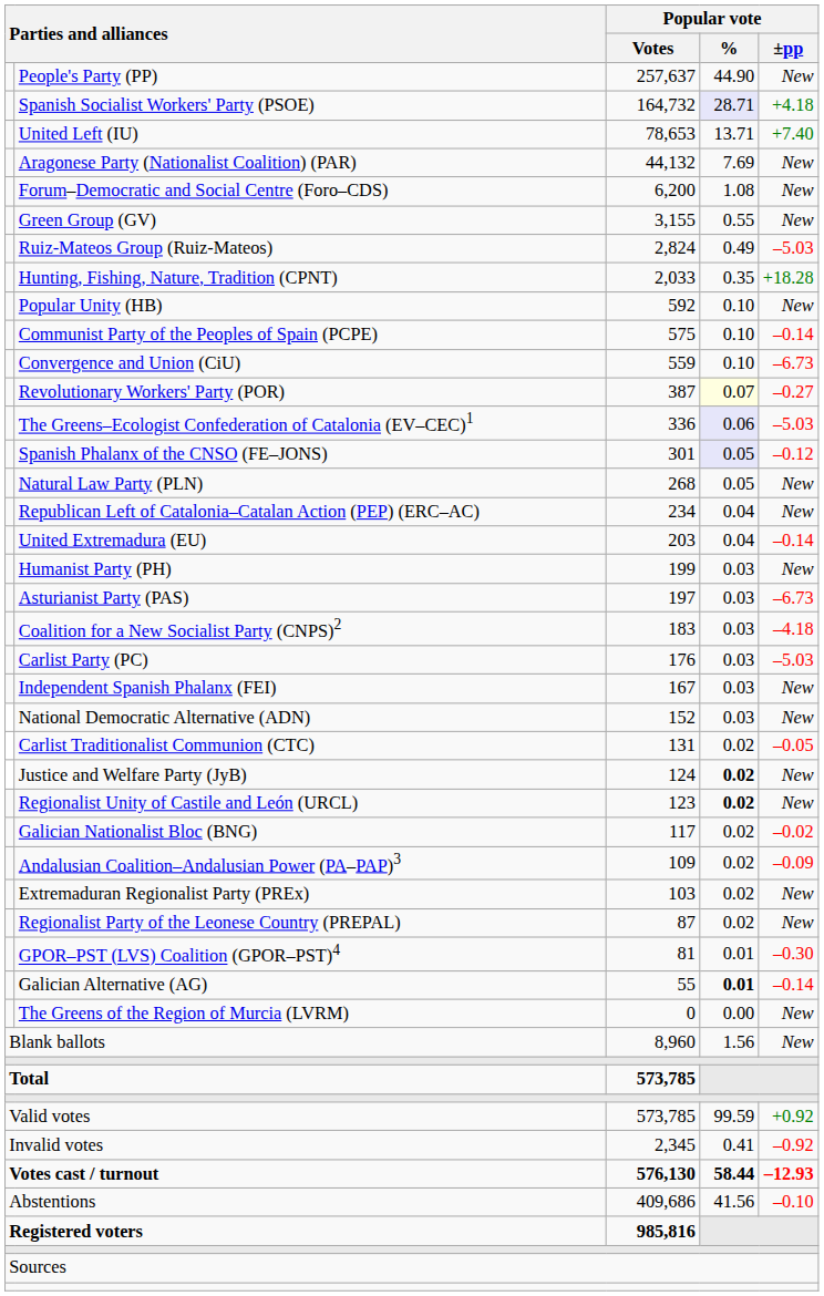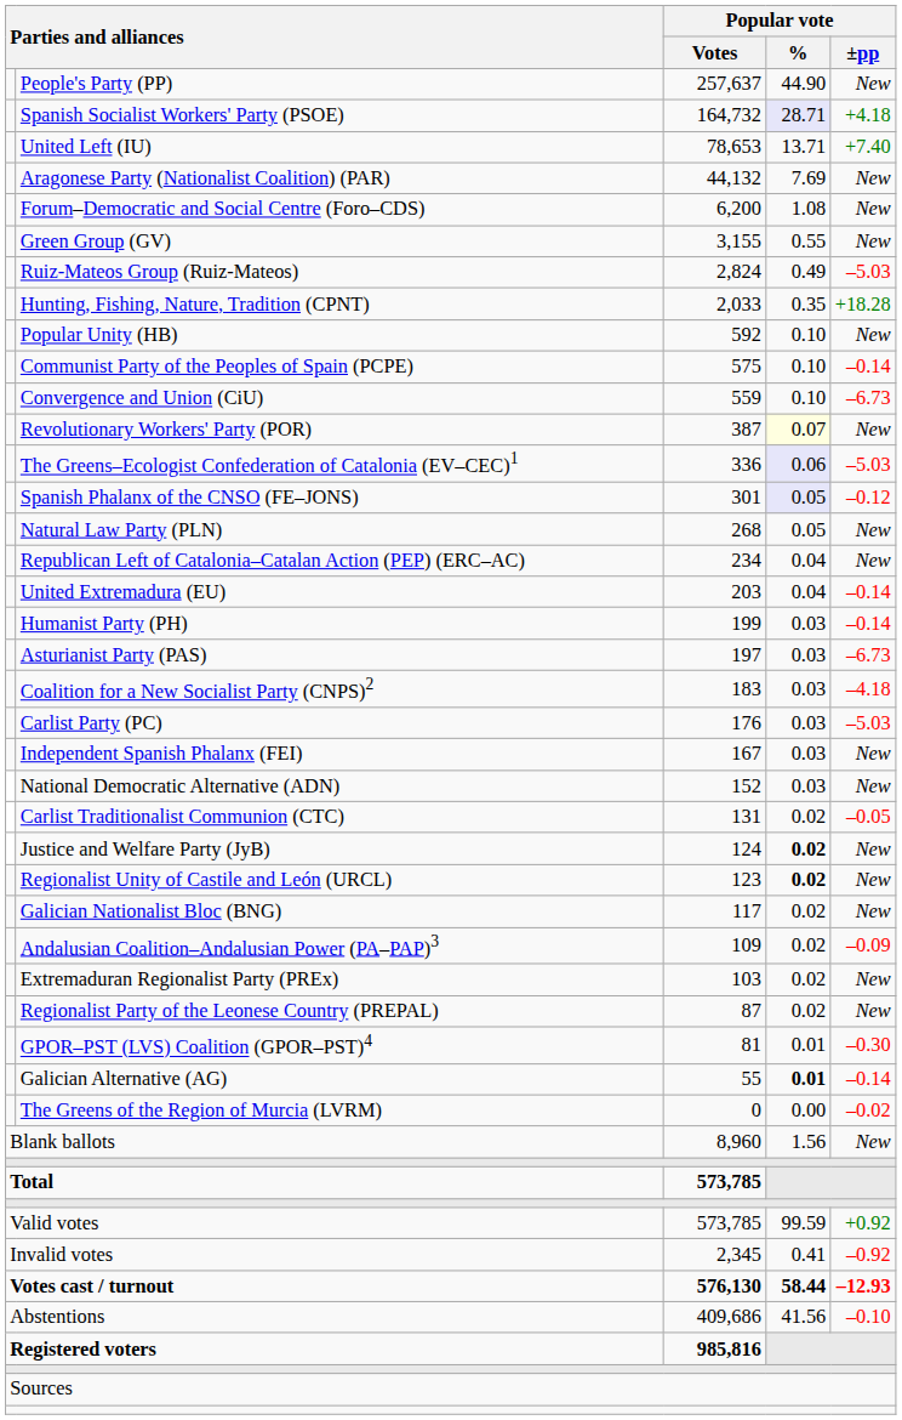 <table class="wikitable" style="text-align:right">
 <tr>
 <th style="text-align:left;" rowspan="2" colspan="2" width="525">Parties and alliances</th>
 <th colspan="3">Popular vote</th>
 </tr>
 <tr>
 <th width="75">Votes</th>
 <th width="45">%</th>
 <th width="45">±<a href='#'>pp</a></th>
 </tr>
 <tr>
 <td width="1" style="color:inherit;background:"></td>
 <td align="left"><a href='#'>People's Party</a> (PP)</td>
 <td>257,637</td>
 <td>44.90</td>
 <td><em>New</em></td>
 </tr>
 <tr>
 <td style="color:inherit;background:"></td>
 <td align="left"><a href='#'>Spanish Socialist Workers' Party</a> (PSOE)</td>
 <td>164,732</td>
 <td style="background: lavender;">28.71</td>
 <td style="color:green;">+4.18</td>
 </tr>
 <tr>
 <td style="color:inherit;background:"></td>
 <td align="left"><a href='#'>United Left</a> (IU)</td>
 <td>78,653</td>
 <td>13.71</td>
 <td style="color:green;">+7.40</td>
 </tr>
 <tr>
 <td style="color:inherit;background:"></td>
 <td align="left"><a href='#'>Aragonese Party</a> (<a href='#'>Nationalist Coalition</a>) (PAR)</td>
 <td>44,132</td>
 <td>7.69</td>
 <td><em>New</em></td>
 </tr>
 <tr>
 <td style="color:inherit;background:"></td>
 <td align="left"><a href='#'>Forum</a>–<a href='#'>Democratic and Social Centre</a> (Foro–CDS)</td>
 <td>6,200</td>
 <td>1.08</td>
 <td><em>New</em></td>
 </tr>
 <tr>
 <td style="color:inherit;background:"></td>
 <td align="left"><a href='#'>Green Group</a> (GV)</td>
 <td>3,155</td>
 <td>0.55</td>
 <td><em>New</em></td>
 </tr>
 <tr>
 <td style="color:inherit;background:"></td>
 <td align="left"><a href='#'>Ruiz-Mateos Group</a> (Ruiz-Mateos)</td>
 <td>2,824</td>
 <td>0.49</td>
 <td style="color:red;">–5.03</td>
 </tr>
 <tr>
 <td style="color:inherit;background:"></td>
 <td align="left"><a href='#'>Hunting, Fishing, Nature, Tradition</a> (CPNT)</td>
 <td>2,033</td>
 <td>0.35</td>
 <td style="color:green;">+18.28</td>
 </tr>
 <tr>
 <td style="color:inherit;background:"></td>
 <td align="left"><a href='#'>Popular Unity</a> (HB)</td>
 <td>592</td>
 <td>0.10</td>
 <td><em>New</em></td>
 </tr>
 <tr>
 <td style="color:inherit;background:"></td>
 <td align="left"><a href='#'>Communist Party of the Peoples of Spain</a> (PCPE)</td>
 <td>575</td>
 <td>0.10</td>
 <td style="color:red;">–0.14</td>
 </tr>
 <tr>
 <td style="color:inherit;background:"></td>
 <td align="left"><a href='#'>Convergence and Union</a> (CiU)</td>
 <td>559</td>
 <td>0.10</td>
 <td style="color:red;">–6.73</td>
 </tr>
 <tr>
 <td style="color:inherit;background:"></td>
 <td align="left"><a href='#'>Revolutionary Workers' Party</a> (POR)</td>
 <td>387</td>
 <td style="background: lightyellow;">0.07</td>
-<td style="color:red;">–0.27</td>
+<td><em>New</em></td>
 </tr>
 <tr>
 <td style="color:inherit;background:"></td>
 <td align="left"><a href='#'>The Greens–Ecologist Confederation of Catalonia</a> (EV–CEC)<sup>1</sup></td>
 <td>336</td>
 <td style="background: lavender;">0.06</td>
 <td style="color:red;">–5.03</td>
 </tr>
 <tr>
 <td style="color:inherit;background:"></td>
 <td align="left"><a href='#'>Spanish Phalanx of the CNSO</a> (FE–JONS)</td>
 <td>301</td>
 <td style="background: lavender;">0.05</td>
 <td style="color:red;">–0.12</td>
 </tr>
 <tr>
 <td style="color:inherit;background:"></td>
 <td align="left"><a href='#'>Natural Law Party</a> (PLN)</td>
 <td>268</td>
 <td>0.05</td>
 <td><em>New</em></td>
 </tr>
 <tr>
 <td style="color:inherit;background:"></td>
 <td align="left"><a href='#'>Republican Left of Catalonia–Catalan Action</a> (<a href='#'>PEP</a>) (ERC–AC)</td>
 <td>234</td>
 <td>0.04</td>
 <td><em>New</em></td>
 </tr>
 <tr>
 <td style="color:inherit;background:"></td>
 <td align="left"><a href='#'>United Extremadura</a> (EU)</td>
 <td>203</td>
 <td>0.04</td>
 <td style="color:red;">–0.14</td>
 </tr>
 <tr>
 <td style="color:inherit;background:"></td>
 <td align="left"><a href='#'>Humanist Party</a> (PH)</td>
 <td>199</td>
 <td>0.03</td>
-<td><em>New</em></td>
+<td style="color:red;">–0.14</td>
 </tr>
 <tr>
 <td style="color:inherit;background:"></td>
 <td align="left"><a href='#'>Asturianist Party</a> (PAS)</td>
 <td>197</td>
 <td>0.03</td>
 <td style="color:red;">–6.73</td>
 </tr>
 <tr>
 <td style="color:inherit;background:"></td>
 <td align="left"><a href='#'>Coalition for a New Socialist Party</a> (CNPS)<sup>2</sup></td>
 <td>183</td>
 <td>0.03</td>
 <td style="color:red;">–4.18</td>
 </tr>
 <tr>
 <td style="color:inherit;background:"></td>
 <td align="left"><a href='#'>Carlist Party</a> (PC)</td>
 <td>176</td>
 <td>0.03</td>
 <td style="color:red;">–5.03</td>
 </tr>
 <tr>
 <td style="color:inherit;background:"></td>
 <td align="left"><a href='#'>Independent Spanish Phalanx</a> (FEI)</td>
 <td>167</td>
 <td>0.03</td>
 <td><em>New</em></td>
 </tr>
 <tr>
 <td bgcolor="white"></td>
 <td align="left">National Democratic Alternative (ADN)</td>
 <td>152</td>
 <td>0.03</td>
 <td><em>New</em></td>
 </tr>
 <tr>
 <td bgcolor="white"></td>
 <td align="left"><a href='#'>Carlist Traditionalist Communion</a> (CTC)</td>
 <td>131</td>
 <td>0.02</td>
 <td style="color:red;">–0.05</td>
 </tr>
 <tr>
 <td bgcolor="white"></td>
 <td align="left">Justice and Welfare Party (JyB)</td>
 <td>124</td>
 <td><strong>0.02</strong></td>
 <td><em>New</em></td>
 </tr>
 <tr>
 <td style="color:inherit;background:"></td>
 <td align="left"><a href='#'>Regionalist Unity of Castile and León</a> (URCL)</td>
 <td>123</td>
 <td><strong>0.02</strong></td>
 <td><em>New</em></td>
 </tr>
 <tr>
 <td style="color:inherit;background:"></td>
 <td align="left"><a href='#'>Galician Nationalist Bloc</a> (BNG)</td>
 <td>117</td>
 <td>0.02</td>
-<td style="color:red;">–0.02</td>
+<td><em>New</em></td>
 </tr>
 <tr>
 <td style="color:inherit;background:"></td>
 <td align="left"><a href='#'>Andalusian Coalition–Andalusian Power</a> (<a href='#'>PA</a>–<a href='#'>PAP</a>)<sup>3</sup></td>
 <td>109</td>
 <td>0.02</td>
 <td style="color:red;">–0.09</td>
 </tr>
 <tr>
 <td style="color:inherit;background:"></td>
 <td align="left">Extremaduran Regionalist Party (PREx)</td>
 <td>103</td>
 <td>0.02</td>
 <td><em>New</em></td>
 </tr>
 <tr>
 <td style="color:inherit;background:"></td>
 <td align="left"><a href='#'>Regionalist Party of the Leonese Country</a> (PREPAL)</td>
 <td>87</td>
 <td>0.02</td>
 <td><em>New</em></td>
 </tr>
 <tr>
 <td style="color:inherit;background:"></td>
 <td align="left"><a href='#'>GPOR–PST (LVS) Coalition</a> (GPOR–PST)<sup>4</sup></td>
 <td>81</td>
 <td>0.01</td>
 <td style="color:red;">–0.30</td>
 </tr>
 <tr>
 <td style="color:inherit;background:"></td>
 <td align="left">Galician Alternative (AG)</td>
 <td>55</td>
 <td><strong>0.01</strong></td>
 <td style="color:red;">–0.14</td>
 </tr>
 <tr>
 <td style="color:inherit;background:"></td>
 <td align="left"><a href='#'>The Greens of the Region of Murcia</a> (LVRM)</td>
 <td>0</td>
 <td>0.00</td>
-<td><em>New</em></td>
+<td style="color:red;">–0.02</td>
 </tr>
 <tr>
 <td align="left" colspan="2">Blank ballots</td>
 <td>8,960</td>
 <td>1.56</td>
 <td><em>New</em></td>
 </tr>
 <tr>
 <td colspan="5" bgcolor="#E9E9E9"></td>
 </tr>
 <tr style="font-weight:bold;">
 <td align="left" colspan="2">Total</td>
 <td>573,785</td>
 <td bgcolor="#E9E9E9" colspan="2"></td>
 </tr>
 <tr>
 <td colspan="5" bgcolor="#E9E9E9"></td>
 </tr>
 <tr>
 <td align="left" colspan="2">Valid votes</td>
 <td>573,785</td>
 <td>99.59</td>
 <td style="color:green;">+0.92</td>
 </tr>
 <tr>
 <td align="left" colspan="2">Invalid votes</td>
 <td>2,345</td>
 <td>0.41</td>
 <td style="color:red;">–0.92</td>
 </tr>
 <tr style="font-weight:bold;">
 <td align="left" colspan="2">Votes cast / turnout</td>
 <td>576,130</td>
 <td>58.44</td>
 <td style="color:red;">–12.93</td>
 </tr>
 <tr>
 <td align="left" colspan="2">Abstentions</td>
 <td>409,686</td>
 <td>41.56</td>
 <td style="color:red;">–0.10</td>
 </tr>
 <tr style="font-weight:bold;">
 <td align="left" colspan="2">Registered voters</td>
 <td>985,816</td>
 <td bgcolor="#E9E9E9" colspan="2"></td>
 </tr>
 <tr>
 <td colspan="5" bgcolor="#E9E9E9"></td>
 </tr>
 <tr>
 <td align="left" colspan="5">Sources</td>
 </tr>
 <tr>
 <td colspan="5" style="text-align:left; max-width:680px;"></td>
 </tr>
 </table>
